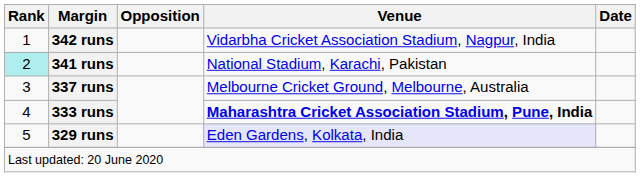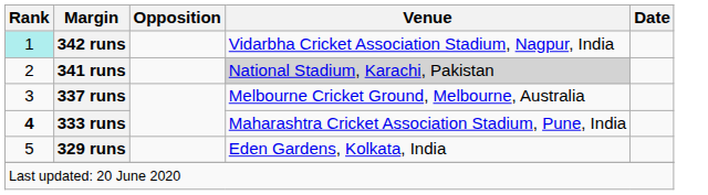 <table class="wikitable sortable">
 <tr>
 <th scope=col>Rank</th>
 <th scope=col>Margin</th>
 <th scope=col>Opposition</th>
 <th scope=col>Venue</th>
 <th scope=col>Date</th>
 </tr>
 <tr>
-<td align=center>1</td>
+<td align=center style="background: paleturquoise;">1</td>
 <th scope=row style="text-align:center;">342 runs</th>
 <td></td>
 <td><a href='#'>Vidarbha Cricket Association Stadium</a>, <a href='#'>Nagpur</a>, India</td>
 <td></td>
 </tr>
 <tr>
-<td align=center style="background: paleturquoise;">2</td>
+<td align=center>2</td>
 <th scope=row style=text-align:center;>341 runs</th>
 <td></td>
-<td><a href='#'>National Stadium</a>, <a href='#'>Karachi</a>, Pakistan</td>
+<td style="background: lightgrey;"><a href='#'>National Stadium</a>, <a href='#'>Karachi</a>, Pakistan</td>
 <td></td>
 </tr>
 <tr>
 <td align=center>3</td>
 <th scope=row style=text-align:center;>337 runs</th>
 <td rowspan=2></td>
 <td><a href='#'>Melbourne Cricket Ground</a>, <a href='#'>Melbourne</a>, Australia</td>
 <td></td>
 </tr>
 <tr>
-<td align=center>4</td>
+<td align=center><strong>4</strong></td>
 <th scope=row style=text-align:center;>333 runs</th>
-<td><strong><a href='#'>Maharashtra Cricket Association Stadium</a>, <a href='#'>Pune</a>, India</strong></td>
+<td><a href='#'>Maharashtra Cricket Association Stadium</a>, <a href='#'>Pune</a>, India</td>
 <td></td>
 </tr>
 <tr>
 <td align=center>5</td>
 <th scope=row style=text-align:center;>329 runs</th>
 <td></td>
-<td style="background: lavender;"><a href='#'>Eden Gardens</a>, <a href='#'>Kolkata</a>, India</td>
+<td><a href='#'>Eden Gardens</a>, <a href='#'>Kolkata</a>, India</td>
 <td></td>
 </tr>
 <tr>
 </tr>
 <tr class=sortbottom>
 <td colspan=5><small>Last updated: 20 June 2020</small></td>
 </tr>
 </table>
